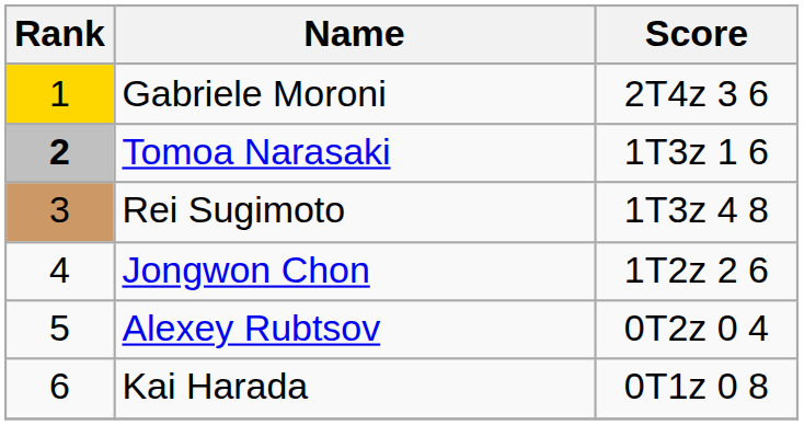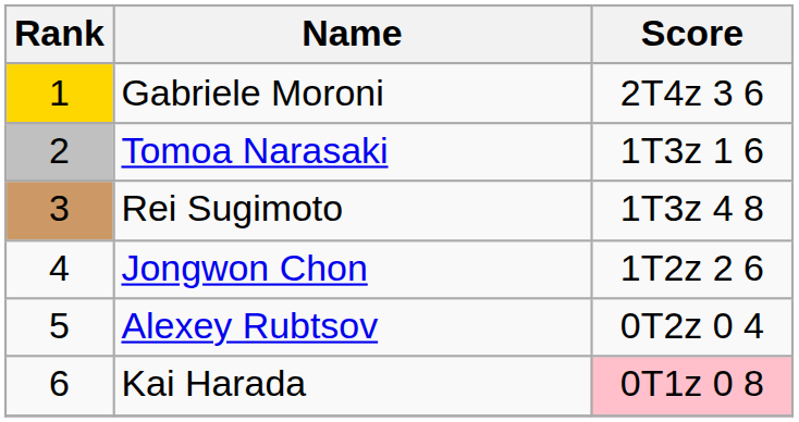 <table class="wikitable">
 <tr>
 <th>Rank</th>
 <th width = "200">Name</th>
 <th width = "80">Score</th>
 </tr>
 <tr>
 <td align="center" style="background: gold">1</td>
 <td> Gabriele Moroni</td>
 <td align="center">2T4z 3 6</td>
 </tr>
 <tr>
-<td align="center" style="background: silver"><strong>2</strong></td>
+<td align="center" style="background: silver">2</td>
 <td> <a href='#'>Tomoa Narasaki</a></td>
 <td align="center">1T3z 1 6</td>
 </tr>
 <tr>
 <td align="center" style="background: #cc9966">3</td>
 <td> Rei Sugimoto</td>
 <td align="center">1T3z 4 8</td>
 </tr>
 <tr>
 <td align="center">4</td>
 <td> <a href='#'>Jongwon Chon</a></td>
 <td align="center">1T2z 2 6</td>
 </tr>
 <tr>
 <td align="center">5</td>
 <td> <a href='#'>Alexey Rubtsov</a></td>
 <td align="center">0T2z 0 4</td>
 </tr>
 <tr>
 <td align="center">6</td>
 <td> Kai Harada</td>
-<td align="center">0T1z 0 8</td>
+<td align="center" style="background: pink;">0T1z 0 8</td>
 </tr>
 <tr>
 </tr>
 </table>
